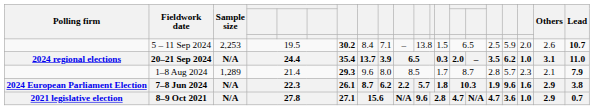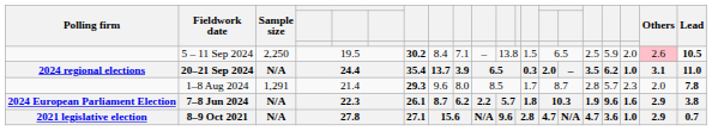 <table class="wikitable mw-collapsible sortable" style="text-align:center;font-size:90%;line-height:14px;">
 <tr>
 <th rowspan="3">Polling firm</th>
 <th rowspan="3">Fieldwork<br>date</th>
 <th rowspan="3">Sample<br>size</th>
 <th colspan="3"></th>
 <th rowspan="2"></th>
 <th rowspan="2"></th>
 <th rowspan="2"></th>
 <th rowspan="2"></th>
 <th rowspan="2"></th>
 <th rowspan="2"></th>
 <th rowspan="2"></th>
 <th colspan="2"></th>
 <th rowspan="2"></th>
 <th rowspan="2"></th>
 <th rowspan="2"></th>
 <th rowspan="3">Others</th>
 <th rowspan="3">Lead</th>
 </tr>
 <tr style="height:40px;">
 <th class="unsortable" style="width:40px;"></th>
 <th class="unsortable" style="width:40px;"></th>
 <th class="unsortable" style="width:40px;"></th>
 <th></th>
 <th></th>
 </tr>
 <tr>
 <th class="unsortable" style="color:inherit;background:"></th>
 <th class="unsortable" style="color:inherit;background:"></th>
 <th class="unsortable" style="color:inherit;background:"></th>
 <th class="unsortable" style="color:inherit;background:"></th>
 <th class="unsortable" style="color:inherit;background:"></th>
 <th class="unsortable" style="color:inherit;background:"></th>
 <th class="unsortable" style="color:inherit;background:"></th>
 <th class="unsortable" style="color:inherit;background:"></th>
 <th class="unsortable" style="color:inherit;background:"></th>
 <th class="unsortable" style="color:inherit;background:"></th>
 <th class="unsortable" style="color:inherit;background:"></th>
 <th class="unsortable" style="color:inherit;background:"></th>
 <th class="unsortable" style="color:inherit;background:"></th>
 <th class="unsortable" style="color:inherit;background:"></th>
 <th class="unsortable" style="color:inherit;background:"></th>
 </tr>
 <tr>
 <td></td>
 <td>5 – 11 Sep 2024</td>
-<td>2,253</td>
+<td>2,250</td>
 <td colspan="3">19.5</td>
 <td><strong>30.2</strong></td>
 <td>8.4</td>
 <td>7.1</td>
 <td>–</td>
 <td colspan="2">13.8</td>
 <td>1.5</td>
 <td colspan="2">6.5</td>
 <td>2.5</td>
 <td>5.9</td>
 <td>2.0</td>
-<td>2.6</td>
-<td style="background:"><strong>10.7</strong></td>
+<td style="background: pink;">2.6</td>
+<td style="background:"><strong>10.5</strong></td>
 </tr>
 <tr>
 <th><a href='#'>2024 regional elections</a></th>
 <th>20–21 Sep 2024</th>
 <th>N/A</th>
 <th colspan="3">24.4</th>
 <th><strong>35.4</strong></th>
 <th>13.7</th>
 <th>3.9</th>
 <th colspan="3">6.5</th>
 <th>0.3</th>
 <th>2.0</th>
 <th>–</th>
 <th>3.5</th>
 <th>6.2</th>
 <th>1.0</th>
 <th>3.1</th>
 <th style="background:"><strong>11.0</strong></th>
 </tr>
 <tr>
 <td></td>
 <td>1–8 Aug 2024</td>
-<td>1,289</td>
+<td>1,291</td>
 <td colspan="3">21.4</td>
 <td><strong>29.3</strong></td>
 <td>9.6</td>
 <td>8.0</td>
 <td colspan="3">8.5</td>
 <td>1.7</td>
 <td colspan="2">8.7</td>
 <td>2.8</td>
 <td>5.7</td>
 <td>2.3</td>
-<td>2.1</td>
-<td style="background:"><strong>7.9</strong></td>
+<td>2.0</td>
+<td style="background:"><strong>7.8</strong></td>
 </tr>
 <tr>
 <th><a href='#'>2024 European Parliament Election</a></th>
 <th>7–8 Jun 2024</th>
 <th>N/A</th>
 <th colspan="3">22.3</th>
 <th><strong>26.1</strong></th>
 <th>8.7</th>
 <th>6.2</th>
 <th>2.2</th>
 <th colspan="2">5.7</th>
 <th>1.8</th>
 <th colspan="2">10.3</th>
 <th>1.9</th>
 <th>9.6</th>
 <th>1.6</th>
 <th>2.9</th>
 <th style="background:">3.8</th>
 </tr>
 <tr>
 <th><a href='#'>2021 legislative election</a></th>
 <th>8–9 Oct 2021</th>
 <th>N/A</th>
 <th colspan="3" ><strong>27.8</strong></th>
 <th>27.1</th>
 <th colspan="2">15.6</th>
 <th>N/A</th>
 <th>9.6</th>
 <th colspan="2">2.8</th>
 <th>4.7</th>
 <th>N/A</th>
 <th>4.7</th>
 <th>3.6</th>
 <th>1.0</th>
 <th>2.9</th>
 <th style="background:">0.7</th>
 </tr>
 </table>
